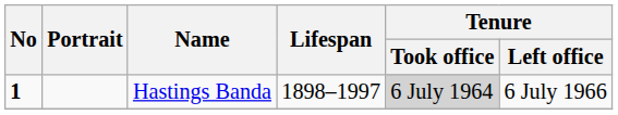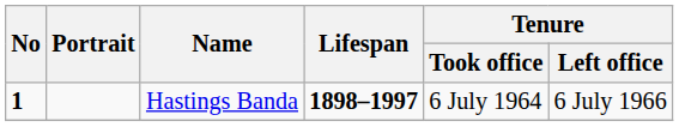 <table class="wikitable">
 <tr>
 <th scope="col" rowspan="2">No</th>
 <th scope="col" rowspan="2">Portrait</th>
 <th scope="col" rowspan="2">Name</th>
 <th scope="col" rowspan="2">Lifespan</th>
 <th scope="col" colspan="2">Tenure</th>
 </tr>
 <tr>
 <th scope="col">Took office</th>
 <th scope="col">Left office</th>
 </tr>
 <tr>
 <td><strong>1</strong></td>
 <td></td>
 <td><a href='#'>Hastings Banda</a></td>
-<td>1898–1997</td>
-<td style="background: lightgrey;">6 July 1964</td>
+<td><strong>1898–1997</strong></td>
+<td>6 July 1964</td>
 <td>6 July 1966</td>
 </tr>
 <tr>
 </tr>
 </table>
